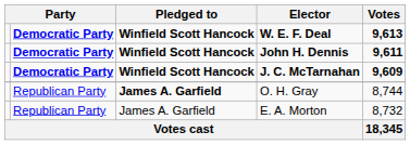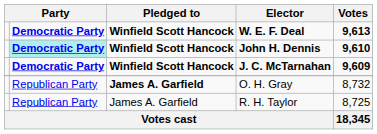 <table class="wikitable">
 <tr>
 <th colspan=2>Party</th>
 <th>Pledged to</th>
 <th>Elector</th>
 <th>Votes</th>
 </tr>
 <tr style="font-weight:bold">
 <td></td>
 <td><a href='#'>Democratic Party</a></td>
 <td>Winfield Scott Hancock</td>
 <td>W. E. F. Deal</td>
 <td align="right">9,613</td>
 </tr>
 <tr style="font-weight:bold">
 <td></td>
-<td><a href='#'>Democratic Party</a></td>
+<td style="background: paleturquoise;"><a href='#'>Democratic Party</a></td>
 <td>Winfield Scott Hancock</td>
 <td>John H. Dennis</td>
-<td align="right">9,611</td>
+<td align="right">9,610</td>
 </tr>
 <tr style="font-weight:bold">
 <td></td>
 <td><a href='#'>Democratic Party</a></td>
 <td>Winfield Scott Hancock</td>
 <td>J. C. McTarnahan</td>
 <td align="right">9,609</td>
 </tr>
 <tr style="font-weight:bold">
 </tr>
 <tr>
 <td></td>
 <td><a href='#'>Republican Party</a></td>
 <td><strong>James A. Garfield</strong></td>
 <td>O. H. Gray</td>
-<td align="right">8,744</td>
+<td align="right">8,732</td>
 </tr>
 <tr>
 <td></td>
 <td><a href='#'>Republican Party</a></td>
 <td>James A. Garfield</td>
-<td>E. A. Morton</td>
-<td align="right">8,732</td>
+<td>R. H. Taylor</td>
+<td align="right">8,725</td>
 </tr>
 <tr>
 <th colspan="4">Votes cast</th>
 <th>18,345</th>
 </tr>
 </table>
